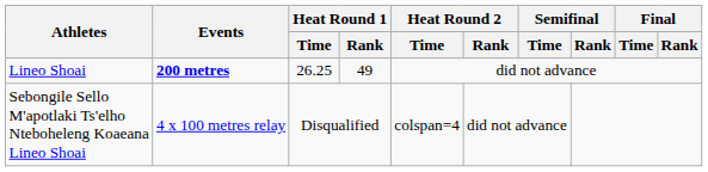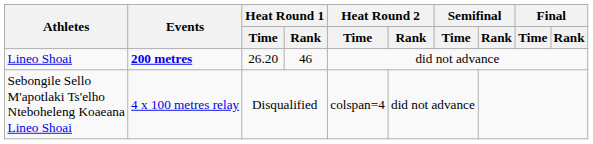 <table class=wikitable style=font-size:90%>
 <tr>
 <th rowspan=2>Athletes</th>
 <th rowspan=2>Events</th>
 <th colspan=2>Heat Round 1</th>
 <th colspan=2>Heat Round 2</th>
 <th colspan=2>Semifinal</th>
 <th colspan=2>Final</th>
 </tr>
 <tr>
 <th>Time</th>
 <th>Rank</th>
 <th>Time</th>
 <th>Rank</th>
 <th>Time</th>
 <th>Rank</th>
 <th>Time</th>
 <th>Rank</th>
 </tr>
 <tr>
 <td><a href='#'>Lineo Shoai</a></td>
 <td><strong><a href='#'>200 metres</a></strong></td>
-<td align=center>26.25</td>
-<td align=center>49</td>
+<td align=center>26.20</td>
+<td align=center>46</td>
 <td align=center colspan=6>did not advance</td>
 </tr>
 <tr>
 <td>Sebongile Sello<br>M'apotlaki Ts'elho<br>Nteboheleng Koaeana<br><a href='#'>Lineo Shoai</a></td>
 <td><a href='#'>4 x 100 metres relay</a></td>
 <td align=center colspan=2>Disqualified</td>
 <td>colspan=4 </td>
 <td align=center colspan=2>did not advance</td>
 </tr>
 </table>
